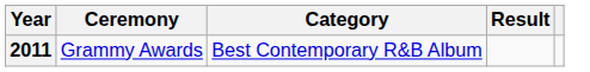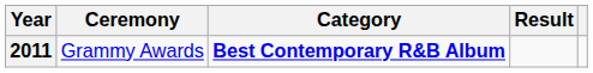 <table class="wikitable sortable plainrowheaders" style="border:none; margin:0;">
 <tr>
 <th scope="col">Year</th>
 <th scope="col">Ceremony</th>
 <th scope="col">Category</th>
 <th scope="col">Result</th>
 <th scope="col" class="unsortable"></th>
 </tr>
 <tr>
 <th scope="row" rowspan="1">2011</th>
 <td><a href='#'>Grammy Awards</a></td>
-<td><a href='#'>Best Contemporary R&B Album</a></td>
+<td><strong><a href='#'>Best Contemporary R&B Album</a></strong></td>
 <td></td>
 <td style="text-align:center;"></td>
 </tr>
 <tr>
 </tr>
 </table>
